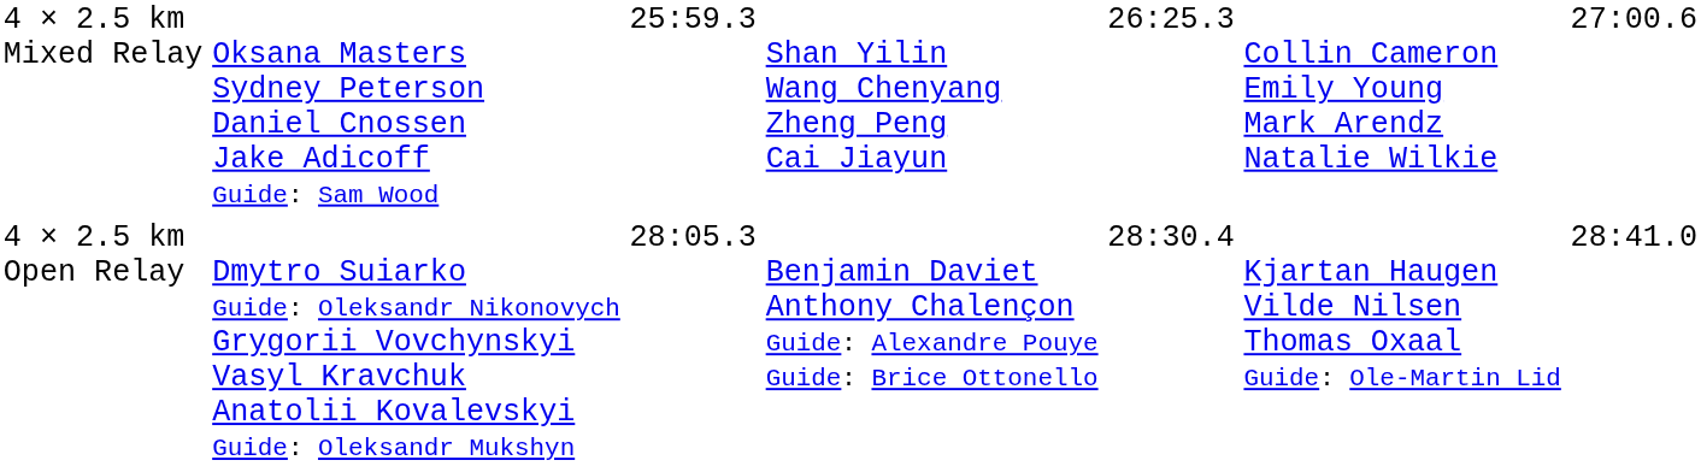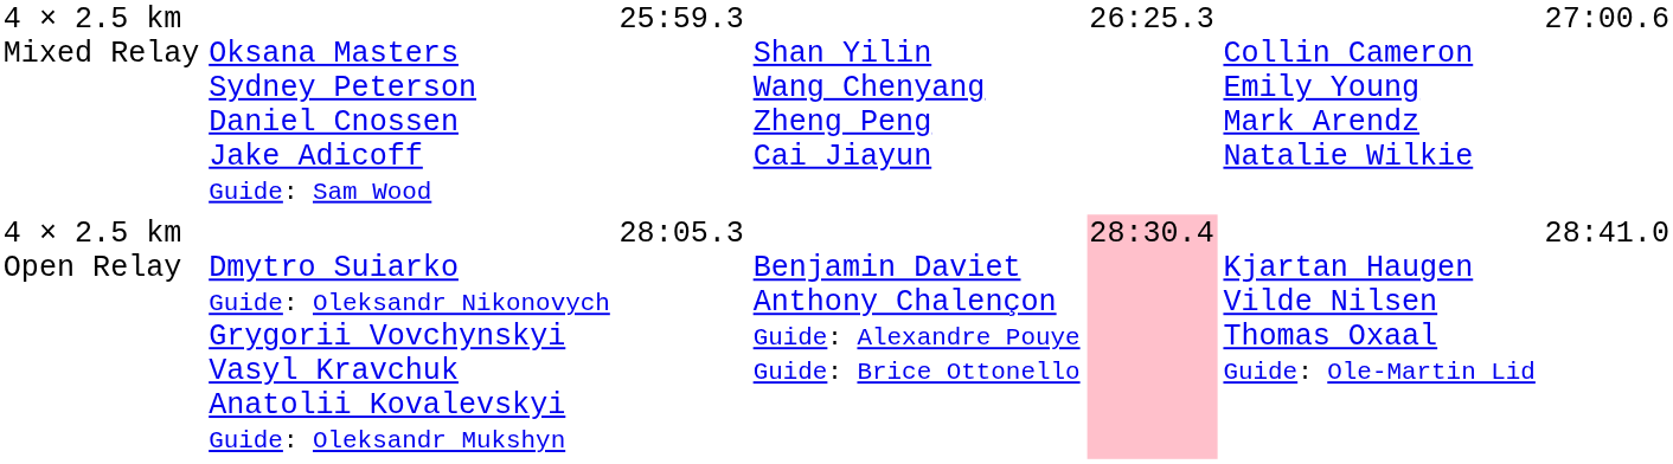 <table>
 <tr style="vertical-align: top;">
 <td>4 × 2.5 km<br>Mixed Relay<br></td>
 <td><br><a href='#'>Oksana Masters</a><br><a href='#'>Sydney Peterson</a><br><a href='#'>Daniel Cnossen</a><br><a href='#'>Jake Adicoff</a><br><small><a href='#'>Guide</a>: <a href='#'>Sam Wood</a></small></td>
 <td>25:59.3</td>
 <td><br><a href='#'>Shan Yilin</a><br><a href='#'>Wang Chenyang</a><br><a href='#'>Zheng Peng</a><br><a href='#'>Cai Jiayun</a></td>
 <td>26:25.3</td>
 <td><br><a href='#'>Collin Cameron</a><br><a href='#'>Emily Young</a><br><a href='#'>Mark Arendz</a><br><a href='#'>Natalie Wilkie</a></td>
 <td>27:00.6</td>
 </tr>
 <tr style="vertical-align: top;">
 <td>4 × 2.5 km<br>Open Relay<br></td>
 <td><br><a href='#'>Dmytro Suiarko</a><br><small><a href='#'>Guide</a>: <a href='#'>Oleksandr Nikonovych</a></small><br><a href='#'>Grygorii Vovchynskyi</a><br><a href='#'>Vasyl Kravchuk</a><br><a href='#'>Anatolii Kovalevskyi</a><br><small><a href='#'>Guide</a>: <a href='#'>Oleksandr Mukshyn</a></small></td>
 <td>28:05.3</td>
 <td><br><a href='#'>Benjamin Daviet</a><br><a href='#'>Anthony Chalençon</a><br><small><a href='#'>Guide</a>: <a href='#'>Alexandre Pouye</a></small><br><small><a href='#'>Guide</a>: <a href='#'>Brice Ottonello</a></small></td>
-<td>28:30.4</td>
+<td style="background: pink;">28:30.4</td>
 <td><br><a href='#'>Kjartan Haugen</a><br><a href='#'>Vilde Nilsen</a><br><a href='#'>Thomas Oxaal</a><br><small><a href='#'>Guide</a>: <a href='#'>Ole-Martin Lid</a></small></td>
 <td>28:41.0</td>
 </tr>
 </table>
